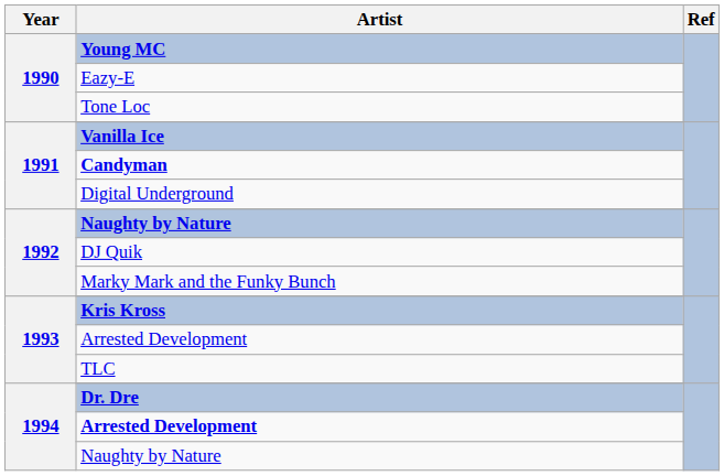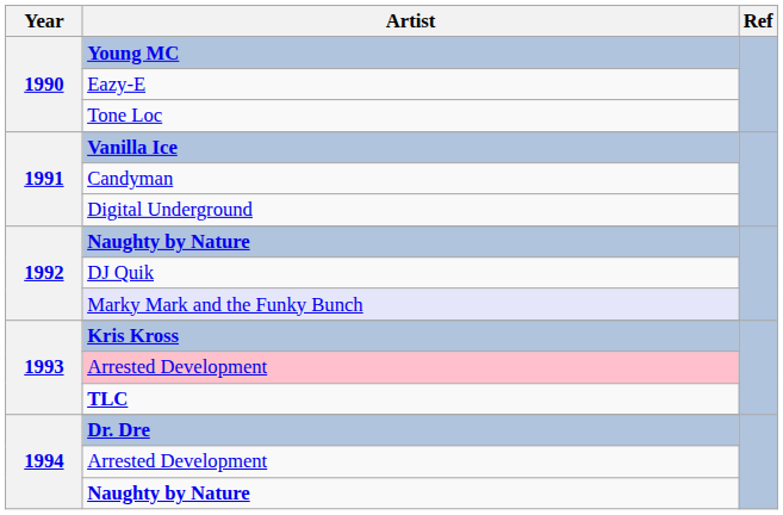 <table class="wikitable" width="100%">
 <tr>
 <th width="10%">Year</th>
 <th width="85%">Artist</th>
 <th width="5%">Ref</th>
 </tr>
 <tr>
 <th rowspan="4" align="center"><a href='#'>1990<br></a></th>
 </tr>
 <tr style="background:#B0C4DE">
 <td><strong><a href='#'>Young MC</a></strong></td>
 <td rowspan="4" align="center"></td>
 </tr>
 <tr>
 <td><a href='#'>Eazy-E</a></td>
 </tr>
 <tr>
 <td><a href='#'>Tone Loc</a></td>
 </tr>
 <tr>
 <th rowspan="4" align="center"><a href='#'>1991<br></a></th>
 </tr>
 <tr style="background:#B0C4DE">
 <td><strong><a href='#'>Vanilla Ice</a></strong></td>
 <td rowspan="4" align="center"></td>
 </tr>
 <tr>
-<td><strong><a href='#'>Candyman</a></strong></td>
+<td><a href='#'>Candyman</a></td>
 </tr>
 <tr>
 <td><a href='#'>Digital Underground</a></td>
 </tr>
 <tr>
 <th rowspan="4" align="center"><a href='#'>1992<br></a></th>
 </tr>
 <tr style="background:#B0C4DE">
 <td><strong><a href='#'>Naughty by Nature</a></strong></td>
 <td rowspan="4" align="center"></td>
 </tr>
 <tr>
 <td><a href='#'>DJ Quik</a></td>
 </tr>
 <tr>
-<td><a href='#'>Marky Mark and the Funky Bunch</a></td>
+<td style="background: lavender;"><a href='#'>Marky Mark and the Funky Bunch</a></td>
 </tr>
 <tr>
 <th rowspan="4" align="center"><a href='#'>1993<br></a></th>
 </tr>
 <tr style="background:#B0C4DE">
 <td><strong><a href='#'>Kris Kross</a></strong></td>
 <td rowspan="4" align="center"></td>
 </tr>
 <tr>
-<td><a href='#'>Arrested Development</a></td>
+<td style="background: pink;"><a href='#'>Arrested Development</a></td>
 </tr>
 <tr>
-<td><a href='#'>TLC</a></td>
+<td><strong><a href='#'>TLC</a></strong></td>
 </tr>
 <tr>
 <th rowspan="4" align="center"><a href='#'>1994<br></a></th>
 </tr>
 <tr style="background:#B0C4DE">
 <td><strong><a href='#'>Dr. Dre</a></strong></td>
 <td rowspan="4" align="center"></td>
 </tr>
 <tr>
-<td><strong><a href='#'>Arrested Development</a></strong></td>
+<td><a href='#'>Arrested Development</a></td>
 </tr>
 <tr>
-<td><a href='#'>Naughty by Nature</a></td>
+<td><strong><a href='#'>Naughty by Nature</a></strong></td>
 </tr>
 </table>
